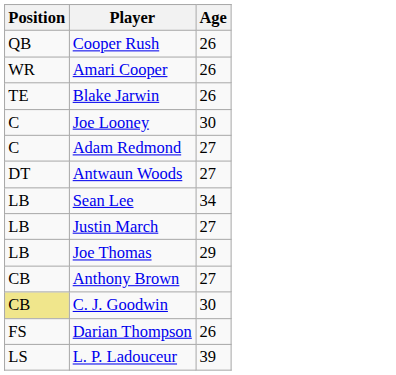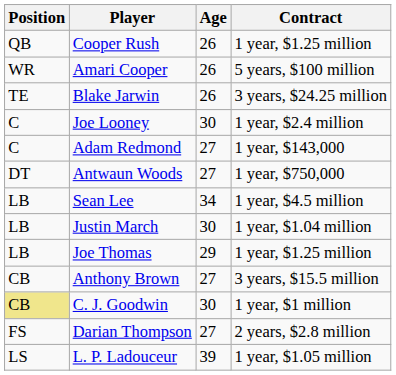 <table class="wikitable">
 <tr>
 <th>Position</th>
 <th>Player</th>
 <th>Age</th>
+<th>Contract</th>
 </tr>
 <tr>
 <td>QB</td>
 <td><a href='#'>Cooper Rush</a></td>
 <td>26</td>
+<td>1 year, $1.25 million</td>
 </tr>
 <tr>
 <td>WR</td>
 <td><a href='#'>Amari Cooper</a></td>
 <td>26</td>
+<td>5 years, $100 million</td>
 </tr>
 <tr>
 <td>TE</td>
 <td><a href='#'>Blake Jarwin</a></td>
 <td>26</td>
+<td>3 years, $24.25 million</td>
 </tr>
 <tr>
 <td>C</td>
 <td><a href='#'>Joe Looney</a></td>
 <td>30</td>
+<td>1 year, $2.4 million</td>
 </tr>
 <tr>
 <td>C</td>
 <td><a href='#'>Adam Redmond</a></td>
 <td>27</td>
+<td>1 year, $143,000</td>
 </tr>
 <tr>
 <td>DT</td>
 <td><a href='#'>Antwaun Woods</a></td>
 <td>27</td>
+<td>1 year, $750,000</td>
 </tr>
 <tr>
 <td>LB</td>
 <td><a href='#'>Sean Lee</a></td>
 <td>34</td>
+<td>1 year, $4.5 million</td>
 </tr>
 <tr>
 <td>LB</td>
 <td><a href='#'>Justin March</a></td>
-<td>27</td>
+<td>30</td>
+<td>1 year, $1.04 million</td>
 </tr>
 <tr>
 <td>LB</td>
 <td><a href='#'>Joe Thomas</a></td>
 <td>29</td>
+<td>1 year, $1.25 million</td>
 </tr>
 <tr>
 <td>CB</td>
 <td><a href='#'>Anthony Brown</a></td>
 <td>27</td>
+<td>3 years, $15.5 million</td>
 </tr>
 <tr>
 <td style="background: khaki;">CB</td>
 <td><a href='#'>C. J. Goodwin</a></td>
 <td>30</td>
+<td>1 year, $1 million</td>
 </tr>
 <tr>
 <td>FS</td>
 <td><a href='#'>Darian Thompson</a></td>
-<td>26</td>
+<td>27</td>
+<td>2 years, $2.8 million</td>
 </tr>
 <tr>
 <td>LS</td>
 <td><a href='#'>L. P. Ladouceur</a></td>
 <td>39</td>
+<td>1 year, $1.05 million</td>
 </tr>
 </table>
